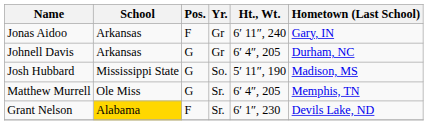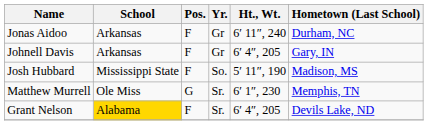 <table class="wikitable">
 <tr>
 <th>Name</th>
 <th>School</th>
 <th>Pos.</th>
 <th>Yr.</th>
 <th>Ht., Wt.</th>
 <th>Hometown (Last School)</th>
 </tr>
 <tr>
 <td>Jonas Aidoo</td>
 <td>Arkansas</td>
 <td>F</td>
 <td>Gr</td>
 <td>6′ 11″, 240</td>
-<td><a href='#'>Gary, IN</a></td>
+<td><a href='#'>Durham, NC</a></td>
 </tr>
 <tr>
 <td>Johnell Davis</td>
 <td>Arkansas</td>
-<td>G</td>
+<td>F</td>
 <td>Gr</td>
 <td>6′ 4″, 205</td>
-<td><a href='#'>Durham, NC</a></td>
+<td><a href='#'>Gary, IN</a></td>
 </tr>
 <tr>
 <td>Josh Hubbard</td>
 <td>Mississippi State</td>
-<td>G</td>
+<td>F</td>
 <td>So.</td>
 <td>5′ 11″, 190</td>
 <td><a href='#'>Madison, MS</a></td>
 </tr>
 <tr>
 <td>Matthew Murrell</td>
 <td>Ole Miss</td>
 <td>G</td>
 <td>Sr.</td>
-<td>6′ 4″, 205</td>
+<td>6′ 1″, 230</td>
 <td><a href='#'>Memphis, TN</a></td>
 </tr>
 <tr>
 <td>Grant Nelson</td>
 <td style="background: gold;">Alabama</td>
 <td>F</td>
 <td>Sr.</td>
-<td>6′ 1″, 230</td>
+<td>6′ 4″, 205</td>
 <td><a href='#'>Devils Lake, ND</a></td>
 </tr>
 <tr>
 </tr>
 </table>
